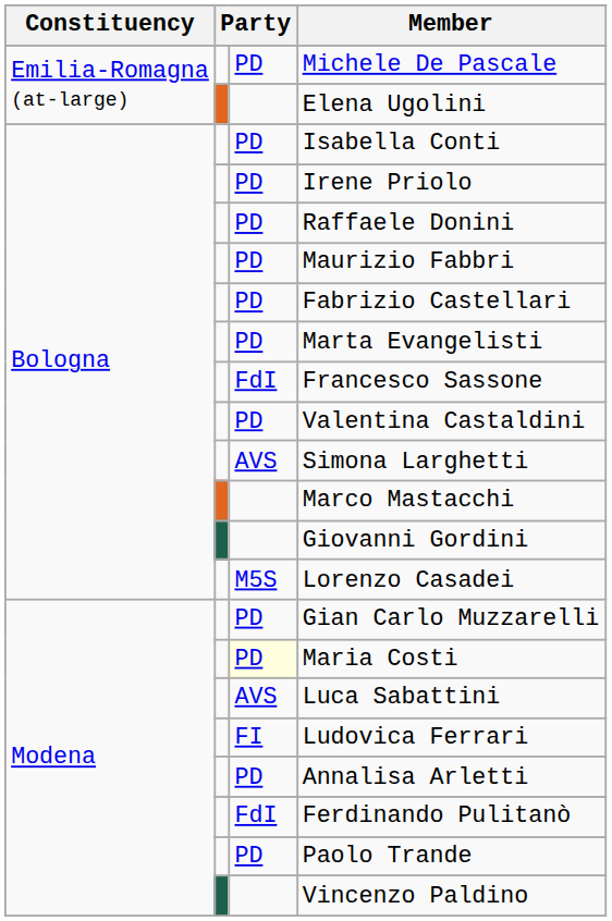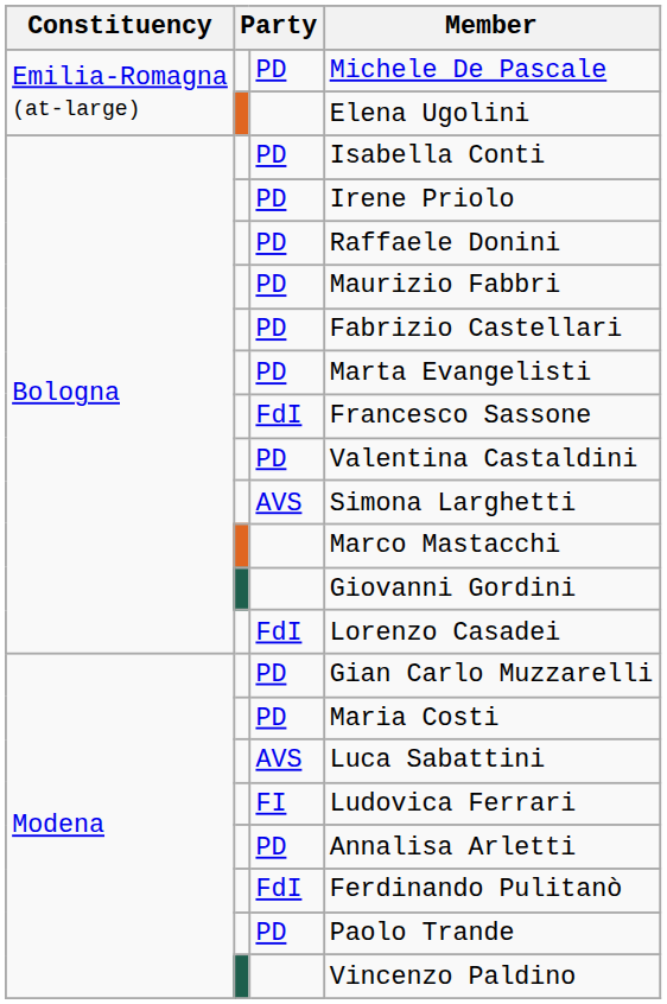 <table class="wikitable" style="font-size:90%">
 <tr>
 <th>Constituency</th>
 <th colspan=2>Party</th>
 <th>Member</th>
 </tr>
 <tr>
 <td rowspan="2"><a href='#'>Emilia-Romagna</a><br><small>(at-large)</small></td>
 <td style="background:"></td>
 <td><a href='#'>PD</a></td>
 <td><a href='#'>Michele De Pascale</a></td>
 </tr>
 <tr>
 <td style="background:#E06621"></td>
 <td></td>
 <td>Elena Ugolini</td>
 </tr>
 <tr>
 <td rowspan="12"><a href='#'>Bologna</a></td>
 <td style="background:"></td>
 <td><a href='#'>PD</a></td>
 <td>Isabella Conti</td>
 </tr>
 <tr>
 <td style="background:"></td>
 <td><a href='#'>PD</a></td>
 <td>Irene Priolo</td>
 </tr>
 <tr>
 <td style="background:"></td>
 <td><a href='#'>PD</a></td>
 <td>Raffaele Donini</td>
 </tr>
 <tr>
 <td style="background:"></td>
 <td><a href='#'>PD</a></td>
 <td>Maurizio Fabbri</td>
 </tr>
 <tr>
 <td style="background:"></td>
 <td><a href='#'>PD</a></td>
 <td>Fabrizio Castellari</td>
 </tr>
 <tr>
 <td style="background:"></td>
 <td><a href='#'>PD</a></td>
 <td>Marta Evangelisti</td>
 </tr>
 <tr>
 <td style="background:"></td>
 <td><a href='#'>FdI</a></td>
 <td>Francesco Sassone</td>
 </tr>
 <tr>
 <td style="background:"></td>
 <td><a href='#'>PD</a></td>
 <td>Valentina Castaldini</td>
 </tr>
 <tr>
 <td style="background:"></td>
 <td><a href='#'>AVS</a></td>
 <td>Simona Larghetti</td>
 </tr>
 <tr>
 <td style="background:#E06621"></td>
 <td></td>
 <td>Marco Mastacchi</td>
 </tr>
 <tr>
 <td style="background:#1e5f4d"></td>
 <td></td>
 <td>Giovanni Gordini</td>
 </tr>
 <tr>
 <td style="background:"></td>
-<td><a href='#'>M5S</a></td>
+<td><a href='#'>FdI</a></td>
 <td>Lorenzo Casadei</td>
 </tr>
 <tr>
 <td rowspan="8"><a href='#'>Modena</a></td>
 <td style="background:"></td>
 <td><a href='#'>PD</a></td>
 <td>Gian Carlo Muzzarelli</td>
 </tr>
 <tr>
 <td style="background:"></td>
-<td style="background: lightyellow;"><a href='#'>PD</a></td>
+<td><a href='#'>PD</a></td>
 <td>Maria Costi</td>
 </tr>
 <tr>
 <td style="background:"></td>
 <td><a href='#'>AVS</a></td>
 <td>Luca Sabattini</td>
 </tr>
 <tr>
 <td style="background:"></td>
 <td><a href='#'>FI</a></td>
 <td>Ludovica Ferrari</td>
 </tr>
 <tr>
 <td style="background:"></td>
 <td><a href='#'>PD</a></td>
 <td>Annalisa Arletti</td>
 </tr>
 <tr>
 <td style="background:"></td>
 <td><a href='#'>FdI</a></td>
 <td>Ferdinando Pulitanò</td>
 </tr>
 <tr>
 <td style="background:"></td>
 <td><a href='#'>PD</a></td>
 <td>Paolo Trande</td>
 </tr>
 <tr>
 <td style="background:#1e5f4d"></td>
 <td></td>
 <td>Vincenzo Paldino</td>
 </tr>
 </table>
